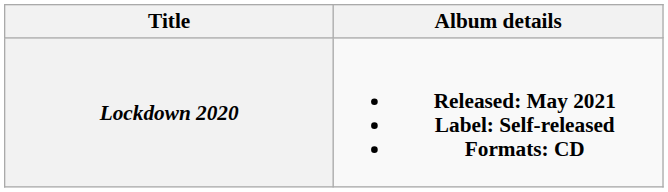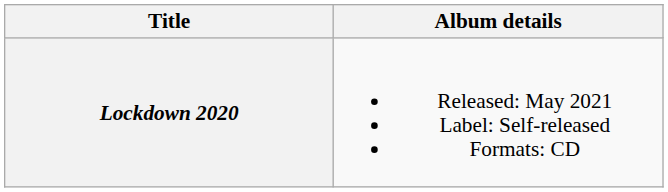 <table class="wikitable plainrowheaders" style="text-align:center;">
 <tr>
 <th scope="col" style="width:15em;">Title</th>
 <th scope="col" style="width:15em;">Album details</th>
 </tr>
 <tr>
 <th scope="row"><em>Lockdown 2020</em></th>
-<td><strong><br><ul><li>Released: May 2021</li><li>Label: Self-released</li><li>Formats: CD</li></ul></strong></td>
+<td><br><ul><li>Released: May 2021</li><li>Label: Self-released</li><li>Formats: CD</li></ul></td>
 </tr>
 </table>
